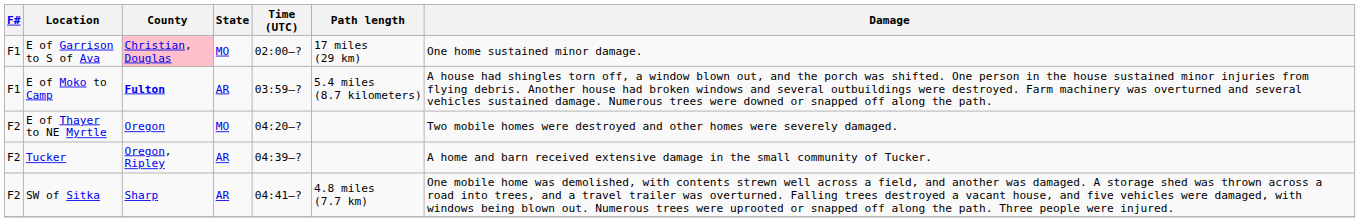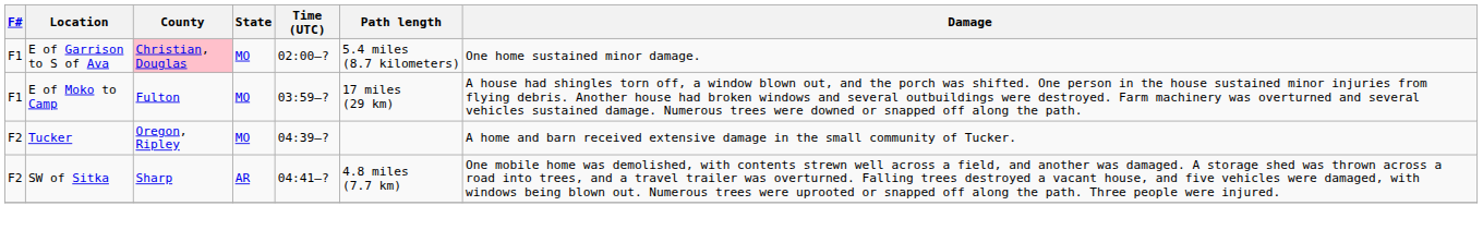 <table class="wikitable">
 <tr>
 <th><strong><a href='#'>F#</a></strong></th>
 <th><strong>Location</strong></th>
 <th><strong>County</strong></th>
 <th><strong>State</strong></th>
 <th><strong>Time (UTC)</strong></th>
 <th><strong>Path length</strong></th>
 <th><strong>Damage</strong></th>
 </tr>
 <tr>
 <td>F1</td>
 <td>E of <a href='#'>Garrison</a> to S of <a href='#'>Ava</a></td>
 <td style="background: pink;"><a href='#'>Christian</a>, <a href='#'>Douglas</a></td>
 <td><a href='#'>MO</a></td>
 <td>02:00–?</td>
-<td>17 miles <br>(29 km)</td>
+<td>5.4 miles <br>(8.7 kilometers)</td>
 <td>One home sustained minor damage.</td>
 </tr>
 <tr>
 <td>F1</td>
 <td>E of <a href='#'>Moko</a> to <a href='#'>Camp</a></td>
-<td><strong><a href='#'>Fulton</a></strong></td>
-<td><a href='#'>AR</a></td>
+<td><a href='#'>Fulton</a></td>
+<td><a href='#'>MO</a></td>
 <td>03:59–?</td>
-<td>5.4 miles <br>(8.7 kilometers)</td>
+<td>17 miles <br>(29 km)</td>
 <td>A house had shingles torn off, a window blown out, and the porch was shifted. One person in the house sustained minor injuries from flying debris. Another house had broken windows and several outbuildings were destroyed. Farm machinery was overturned and several vehicles sustained damage. Numerous trees were downed or snapped off along the path.</td>
-</tr>
-<tr>
-<td>F2</td>
-<td>E of <a href='#'>Thayer</a> to NE <a href='#'>Myrtle</a></td>
-<td><a href='#'>Oregon</a></td>
-<td><a href='#'>MO</a></td>
-<td>04:20–?</td>
-<td></td>
-<td>Two mobile homes were destroyed and other homes were severely damaged.</td>
 </tr>
 <tr>
 <td>F2</td>
 <td><a href='#'>Tucker</a></td>
 <td><a href='#'>Oregon</a>, <a href='#'>Ripley</a></td>
-<td><a href='#'>AR</a></td>
+<td><a href='#'>MO</a></td>
 <td>04:39–?</td>
 <td></td>
 <td>A home and barn received extensive damage in the small community of Tucker.</td>
 </tr>
 <tr>
 <td>F2</td>
 <td>SW of <a href='#'>Sitka</a></td>
 <td><a href='#'>Sharp</a></td>
 <td><a href='#'>AR</a></td>
 <td>04:41–?</td>
 <td>4.8 miles <br>(7.7 km)</td>
 <td>One mobile home was demolished, with contents strewn well across a field, and another was damaged. A storage shed was thrown across a road into trees, and a travel trailer was overturned. Falling trees destroyed a vacant house, and five vehicles were damaged, with windows being blown out. Numerous trees were uprooted or snapped off along the path. Three people were injured.</td>
 </tr>
 <tr>
 </tr>
 </table>
